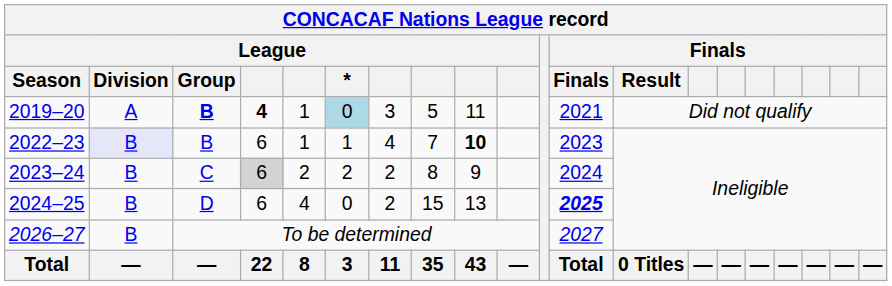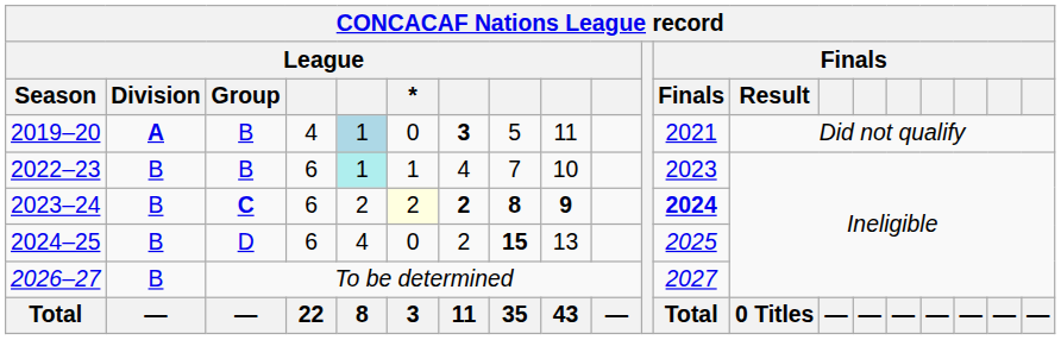 <table class="wikitable" style="text-align: center;">
 <tr>
 <th colspan="20"><a href='#'>CONCACAF Nations League</a> record</th>
 </tr>
 <tr>
 <th colspan="10">League</th>
 <th rowspan="8"></th>
 <th colspan="9">Finals</th>
 </tr>
 <tr>
 <th>Season</th>
 <th>Division</th>
 <th>Group</th>
 <th width="28"></th>
 <th width="28"></th>
 <th width="28">*</th>
 <th width="28"></th>
 <th width="28"></th>
 <th width="28"></th>
 <th width="28"></th>
 <th><strong>Finals</strong></th>
 <th><strong>Result</strong></th>
 <th></th>
 <th></th>
 <th></th>
 <th></th>
 <th></th>
 <th></th>
 <th></th>
 </tr>
 <tr>
 <td><a href='#'>2019–20</a></td>
-<td><a href='#'>A</a></td>
-<td><strong><a href='#'>B</a></strong></td>
-<td><strong>4</strong></td>
-<td>1</td>
-<td style="background: lightblue;">0</td>
-<td>3</td>
+<td><strong><a href='#'>A</a></strong></td>
+<td><a href='#'>B</a></td>
+<td>4</td>
+<td style="background: lightblue;">1</td>
+<td>0</td>
+<td><strong>3</strong></td>
 <td>5</td>
 <td>11</td>
 <td></td>
 <td> <a href='#'>2021</a></td>
 <td colspan="8"><em>Did not qualify</em></td>
 </tr>
 <tr>
 <td><a href='#'>2022–23</a></td>
-<td style="background: lavender;"><a href='#'>B</a></td>
+<td><a href='#'>B</a></td>
 <td><a href='#'>B</a></td>
 <td>6</td>
-<td>1</td>
+<td style="background: paleturquoise;">1</td>
 <td>1</td>
 <td>4</td>
 <td>7</td>
-<td><strong>10</strong></td>
+<td>10</td>
 <td></td>
 <td> <a href='#'>2023</a></td>
 <td colspan="8" rowspan="4"><em>Ineligible</em></td>
 </tr>
 <tr>
 <td><a href='#'>2023–24</a></td>
 <td><a href='#'>B</a></td>
-<td><a href='#'>C</a></td>
-<td style="background: lightgrey;">6</td>
+<td><strong><a href='#'>C</a></strong></td>
+<td>6</td>
 <td>2</td>
-<td>2</td>
-<td>2</td>
-<td>8</td>
-<td>9</td>
+<td style="background: lightyellow;">2</td>
+<td><strong>2</strong></td>
+<td><strong>8</strong></td>
+<td><strong>9</strong></td>
 <td></td>
-<td> <a href='#'>2024</a></td>
+<td><strong> <a href='#'>2024</a></strong></td>
 </tr>
 <tr>
 <td><a href='#'>2024–25</a></td>
 <td><a href='#'>B</a></td>
 <td><a href='#'>D</a></td>
 <td>6</td>
 <td>4</td>
 <td>0</td>
 <td>2</td>
-<td>15</td>
+<td><strong>15</strong></td>
 <td>13</td>
 <td></td>
-<td><strong> <a href='#'><em>2025</em></a></strong></td>
+<td> <a href='#'><em>2025</em></a></td>
 </tr>
 <tr>
 <td><em><a href='#'>2026–27</a></em></td>
 <td><a href='#'>B</a></td>
 <td colspan="8"><em>To be determined</em></td>
 <td> <em><a href='#'>2027</a></em></td>
 </tr>
 <tr>
 <th>Total</th>
 <th><strong>—</strong></th>
 <th><strong>—</strong></th>
 <th>22</th>
 <th>8</th>
 <th>3</th>
 <th>11</th>
 <th>35</th>
 <th>43</th>
 <th><strong>—</strong></th>
 <th><strong>Total</strong></th>
 <th><strong>0 Titles</strong></th>
 <th><strong>—</strong></th>
 <th><strong>—</strong></th>
 <th><strong>—</strong></th>
 <th><strong>—</strong></th>
 <th><strong>—</strong></th>
 <th><strong>—</strong></th>
 <th><strong>—</strong></th>
 </tr>
 </table>
